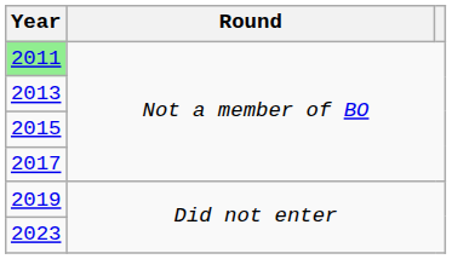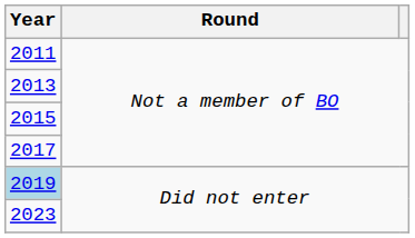 <table class="wikitable" style="text-align: center; font-size:90%">
 <tr>
 <th>Year</th>
 <th style="width:200px">Round</th>
 <th></th>
 </tr>
 <tr>
-<td style="background: lightgreen;"><a href='#'>2011</a></td>
+<td><a href='#'>2011</a></td>
 <td colspan="2" rowspan="4"><em>Not a member of <a href='#'>BO</a></em></td>
 </tr>
 <tr>
 <td><a href='#'>2013</a></td>
 </tr>
 <tr>
 <td><a href='#'>2015</a></td>
 </tr>
 <tr>
 <td><a href='#'>2017</a></td>
 </tr>
 <tr>
-<td><a href='#'>2019</a></td>
+<td style="background: lightblue;"><a href='#'>2019</a></td>
 <td colspan="2" rowspan="2"><em>Did not enter</em></td>
 </tr>
 <tr>
 <td><a href='#'>2023</a></td>
 </tr>
 </table>
